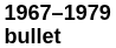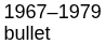 <table style="width:90px;">
 <tr>
 <td></td>
 </tr>
 <tr>
-<td><strong><div>1967–1979 bullet</div></strong></td>
+<td><div>1967–1979 bullet</div></td>
 </tr>
 </table>
